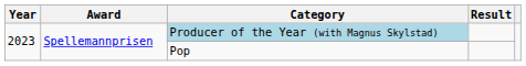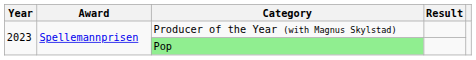 <table class="wikitable sortable plainrowheaders">
 <tr>
 <th scope="col">Year</th>
 <th scope="col">Award</th>
 <th scope="col">Category</th>
 <th scope="col" width=9%>Result</th>
 <th scope="col" class="unsortable"></th>
 </tr>
 <tr>
 <td rowspan="2">2023</td>
 <td rowspan="2"><a href='#'>Spellemannprisen</a></td>
-<td style="background: lightblue;">Producer of the Year <small>(with Magnus Skylstad)</small></td>
+<td>Producer of the Year <small>(with Magnus Skylstad)</small></td>
 <td></td>
 <td rowspan="2" style="text-align:center;"></td>
 </tr>
 <tr>
-<td>Pop</td>
+<td style="background: lightgreen;">Pop</td>
 <td></td>
 </tr>
 </table>
